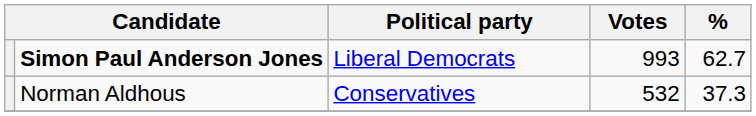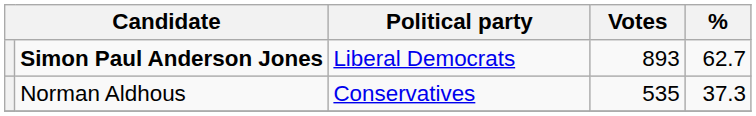 <table class="wikitable">
 <tr>
 <th valign=top colspan="2" style="width: 180px">Candidate</th>
 <th valign=top style="width: 180px">Political party</th>
 <th valign=top style="width: 60px">Votes</th>
 <th valign=top style="width: 40px">%</th>
 </tr>
 <tr>
 <th style="background-color: "></th>
 <td><strong>Simon Paul Anderson Jones</strong></td>
 <td><a href='#'>Liberal Democrats</a></td>
-<td align="right">993</td>
+<td align="right">893</td>
 <td align="right">62.7</td>
 </tr>
 <tr>
 <th style="background-color: "></th>
 <td>Norman Aldhous</td>
 <td><a href='#'>Conservatives</a></td>
-<td align="right">532</td>
+<td align="right">535</td>
 <td align="right">37.3</td>
 </tr>
 <tr>
 </tr>
 </table>
